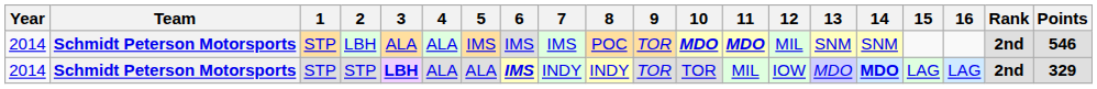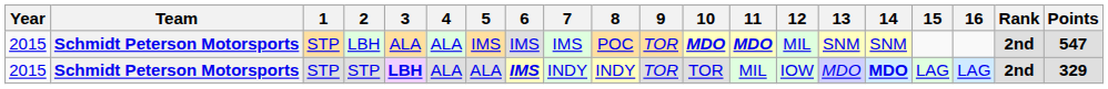 <table class="wikitable" style="text-align:center; font-size:85%">
 <tr>
 <th>Year</th>
 <th>Team</th>
 <th>1</th>
 <th>2</th>
 <th>3</th>
 <th>4</th>
 <th>5</th>
 <th>6</th>
 <th>7</th>
 <th>8</th>
 <th>9</th>
 <th>10</th>
 <th>11</th>
 <th>12</th>
 <th>13</th>
 <th>14</th>
 <th>15</th>
 <th>16</th>
 <th>Rank</th>
 <th>Points</th>
 </tr>
 <tr>
-<td><a href='#'>2014</a></td>
+<td><a href='#'>2015</a></td>
 <th nowrap><a href='#'>Schmidt Peterson Motorsports</a></th>
 <td style="background:#FFDF9F;"><a href='#'>STP</a><br></td>
 <td style="background:#DFFFDF;"><a href='#'>LBH</a><br></td>
 <td style="background:#FFDF9F;"><a href='#'>ALA</a><br></td>
 <td style="background:#DFFFDF;"><a href='#'>ALA</a><br></td>
 <td style="background:#FFDF9F;"><a href='#'>IMS</a><br></td>
 <td style="background:#DFDFDF;"><a href='#'>IMS</a><br></td>
 <td style="background:#DFFFDF;"><a href='#'>IMS</a><br></td>
 <td style="background:#FFDF9F;"><a href='#'>POC</a><br></td>
 <td style="background:#FFDF9F;"><em><a href='#'>TOR</a></em><br></td>
 <td style="background:#FFFFBF;"><strong><em><a href='#'>MDO</a></em></strong><br></td>
 <td style="background:#FFFFBF;"><strong><em><a href='#'>MDO</a></em></strong><br></td>
 <td style="background:#DFFFDF;"><a href='#'>MIL</a><br></td>
 <td style="background:#FFFFBF;"><a href='#'>SNM</a><br></td>
 <td style="background:#FFFFBF;"><a href='#'>SNM</a><br></td>
 <td></td>
 <td></td>
 <td style="background:#DFDFDF;"><strong>2nd</strong></td>
-<td style="background:#DFDFDF;"><strong>546</strong></td>
+<td style="background:#DFDFDF;"><strong>547</strong></td>
 </tr>
 <tr>
-<td><a href='#'>2014</a></td>
+<td><a href='#'>2015</a></td>
 <th><a href='#'>Schmidt Peterson Motorsports</a></th>
 <td style="background:#DFDFDF;"><a href='#'>STP</a><br></td>
 <td style="background:#DFDFDF;"><a href='#'>STP</a><br></td>
 <td style="background:#EFCFFF;"><strong><a href='#'>LBH</a></strong><br></td>
 <td style="background:#DFDFDF;"><a href='#'>ALA</a><br></td>
 <td style="background:#DFDFDF;"><a href='#'>ALA</a><br></td>
 <td style="background:#FFFFBF;"><strong><em><a href='#'>IMS</a></em></strong><br></td>
 <td style="background:#DFFFDF;"><a href='#'>INDY</a><br></td>
 <td style="background:#FFFFBF;"><a href='#'>INDY</a><br></td>
 <td style="background:#DFDFDF;"><em><a href='#'>TOR</a></em><br></td>
 <td style="background:#DFDFDF;"><a href='#'>TOR</a><br></td>
 <td style="background:#DFFFDF;"><a href='#'>MIL</a><br></td>
 <td style="background:#DFFFDF;"><a href='#'>IOW</a><br></td>
 <td style="background:#CFCFFF;"><em><a href='#'>MDO</a></em><br></td>
 <td style="background:#CFEAFF;"><strong><a href='#'>MDO</a></strong><br></td>
 <td style="background:#DFFFDF;"><a href='#'>LAG</a><br></td>
 <td style="background:#CFEAFF;"><a href='#'>LAG</a><br></td>
 <th style="background:#DFDFDF;">2nd</th>
 <th style="background:#DFDFDF;">329</th>
 </tr>
 </table>
